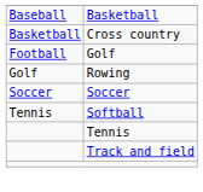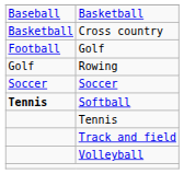 <table class="wikitable" style="float:right; clear:right; margin:0 0 1em 1em;">
 <tr>
 </tr>
 <tr>
 <td><a href='#'>Baseball</a></td>
 <td><a href='#'>Basketball</a></td>
 </tr>
 <tr>
 <td><a href='#'>Basketball</a></td>
 <td>Cross country</td>
 </tr>
 <tr>
 <td><a href='#'>Football</a></td>
 <td>Golf</td>
 </tr>
 <tr>
 <td>Golf</td>
 <td>Rowing</td>
 </tr>
 <tr>
 <td><a href='#'>Soccer</a></td>
 <td><a href='#'>Soccer</a></td>
 </tr>
 <tr>
-<td>Tennis</td>
+<td><strong>Tennis</strong></td>
 <td><a href='#'>Softball</a></td>
 </tr>
 <tr>
 <td></td>
 <td>Tennis</td>
 </tr>
 <tr>
 <td></td>
 <td><a href='#'>Track and field</a></td>
 </tr>
 <tr>
+<td></td>
+<td><a href='#'>Volleyball</a></td>
+</tr>
+<tr>
 <td colspan="2"></td>
 </tr>
 </table>
